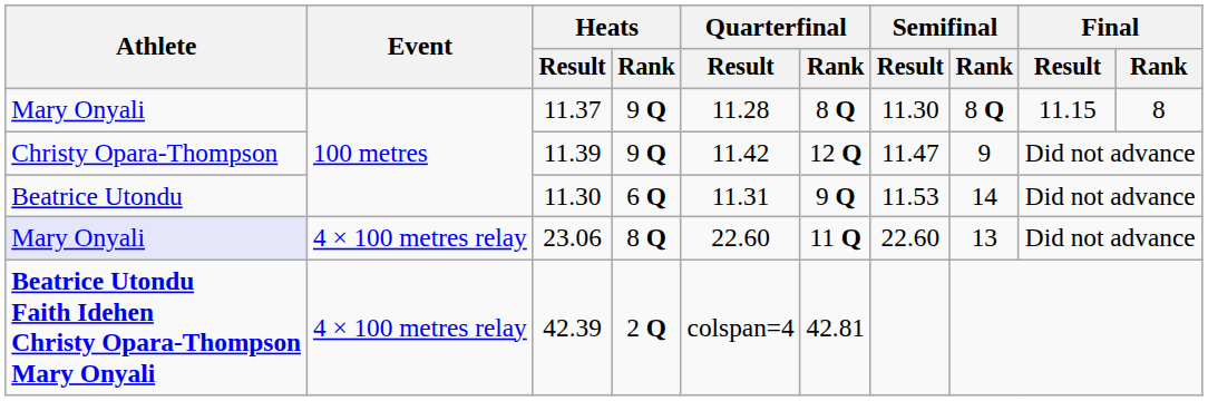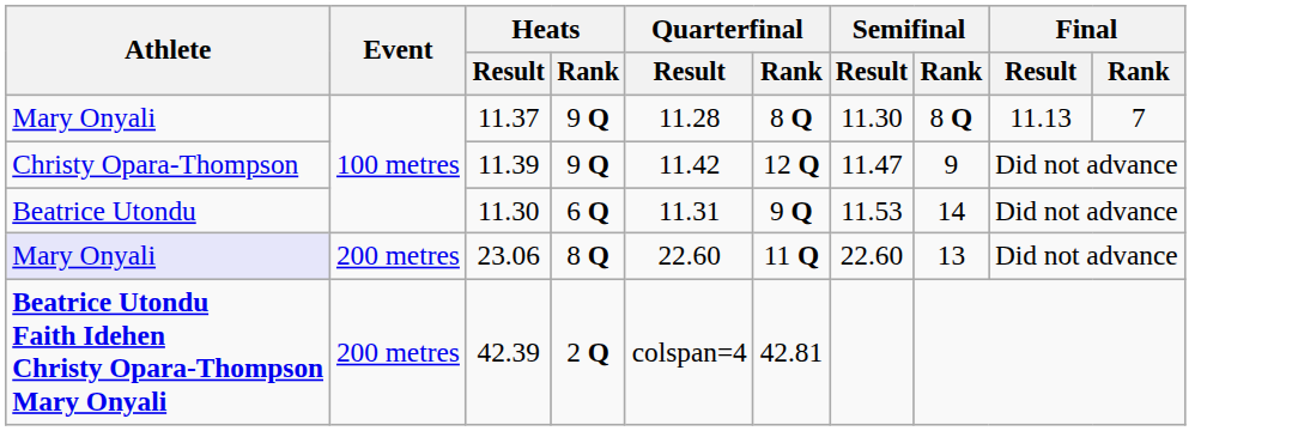 <table class="wikitable" style="font-size:90%">
 <tr>
 <th rowspan="2">Athlete</th>
 <th rowspan="2">Event</th>
 <th colspan="2">Heats</th>
 <th colspan="2">Quarterfinal</th>
 <th colspan="2">Semifinal</th>
 <th colspan="2">Final</th>
 </tr>
 <tr style="font-size:95%">
 <th>Result</th>
 <th>Rank</th>
 <th>Result</th>
 <th>Rank</th>
 <th>Result</th>
 <th>Rank</th>
 <th>Result</th>
 <th>Rank</th>
 </tr>
 <tr align=center>
 <td align=left><a href='#'>Mary Onyali</a></td>
 <td align=left rowspan=3><a href='#'>100 metres</a></td>
 <td>11.37</td>
 <td>9 <strong>Q</strong></td>
 <td>11.28</td>
 <td>8 <strong>Q</strong></td>
 <td>11.30</td>
 <td>8 <strong>Q</strong></td>
-<td>11.15</td>
-<td>8</td>
+<td>11.13</td>
+<td>7</td>
 </tr>
 <tr align=center>
 <td align=left><a href='#'>Christy Opara-Thompson</a></td>
 <td>11.39</td>
 <td>9 <strong>Q</strong></td>
 <td>11.42</td>
 <td>12 <strong>Q</strong></td>
 <td>11.47</td>
 <td>9</td>
 <td colspan=2>Did not advance</td>
 </tr>
 <tr align=center>
 <td align=left><a href='#'>Beatrice Utondu</a></td>
 <td>11.30</td>
 <td>6 <strong>Q</strong></td>
 <td>11.31</td>
 <td>9 <strong>Q</strong></td>
 <td>11.53</td>
 <td>14</td>
 <td colspan=2>Did not advance</td>
 </tr>
 <tr align=center>
 <td align=left style="background: lavender;"><a href='#'>Mary Onyali</a></td>
-<td align=left><a href='#'>4 × 100 metres relay</a></td>
+<td align=left><a href='#'>200 metres</a></td>
 <td>23.06</td>
 <td>8 <strong>Q</strong></td>
 <td>22.60</td>
 <td>11 <strong>Q</strong></td>
 <td>22.60</td>
 <td>13</td>
 <td colspan=2>Did not advance</td>
 </tr>
 <tr align=center>
 <td align=left><strong><a href='#'>Beatrice Utondu</a><br><a href='#'>Faith Idehen</a><br><a href='#'>Christy Opara-Thompson</a><br><a href='#'>Mary Onyali</a></strong></td>
-<td align=left><a href='#'>4 × 100 metres relay</a></td>
+<td align=left><a href='#'>200 metres</a></td>
 <td>42.39</td>
 <td>2 <strong>Q</strong></td>
 <td>colspan=4</td>
 <td>42.81</td>
 <td></td>
 </tr>
 </table>
